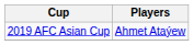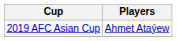 <table class="wikitable" style="text-align: left">
 <tr style="text-align: center">
 <th>Cup</th>
 <th>Players</th>
 </tr>
 <tr>
 <td align="left"> <a href='#'>2019 AFC Asian Cup</a></td>
-<td> <a href='#'>Ahmet Ataýew</a></td>
+<td style="background: lightyellow;"> <a href='#'>Ahmet Ataýew</a></td>
 </tr>
 <tr>
 </tr>
 </table>
